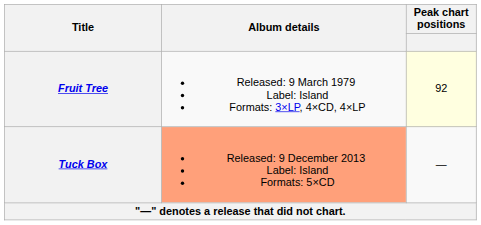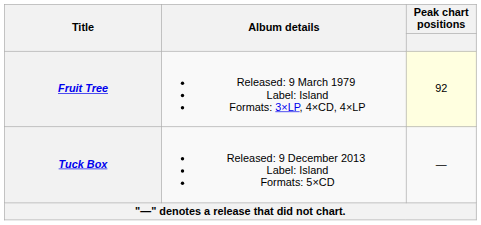 <table class="wikitable plainrowheaders" style="text-align:center">
 <tr>
 <th scope="col" style="width:14em" rowspan="2">Title</th>
 <th scope="col" style="width:22em" rowspan="2">Album details</th>
 <th scope="col" style="width:6em" colspan="1">Peak chart positions</th>
 </tr>
 <tr>
 <th style="width:2em"><br></th>
 </tr>
 <tr>
 <th scope="row"><em><a href='#'>Fruit Tree</a></em></th>
 <td><br><ul><li>Released: 9 March 1979 </li><li>Label: Island </li><li>Formats: <a href='#'>3×LP</a>, 4×CD, 4×LP</li></ul></td>
 <td style="background: lightyellow;">92<br></td>
 </tr>
 <tr>
 <th scope="row"><em><a href='#'>Tuck Box</a></em></th>
-<td style="background: lightsalmon;"><br><ul><li>Released: 9 December 2013 </li><li>Label: Island </li><li>Formats: 5×CD</li></ul></td>
+<td><br><ul><li>Released: 9 December 2013 </li><li>Label: Island </li><li>Formats: 5×CD</li></ul></td>
 <td>—</td>
 </tr>
 <tr>
 <th scope="row" colspan="4" style="text-align:center">"—" denotes a release that did not chart.</th>
 </tr>
 </table>
